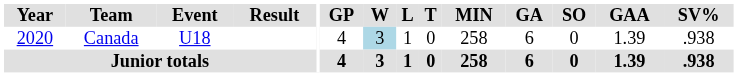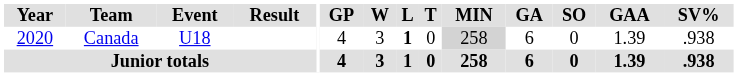 <table border="0" cellpadding="1" cellspacing="0" ID="Table3" style="text-align:center; width:40em;">
 <tr bgcolor="#e0e0e0">
 <th>Year</th>
 <th>Team</th>
 <th>Event</th>
 <th>Result</th>
 <th rowspan="99" bgcolor="#ffffff"></th>
 <th>GP</th>
 <th>W</th>
 <th>L</th>
 <th>T</th>
 <th>MIN</th>
 <th>GA</th>
 <th>SO</th>
 <th>GAA</th>
 <th>SV%</th>
 </tr>
 <tr>
 <td><a href='#'>2020</a></td>
 <td><a href='#'>Canada</a></td>
 <td><a href='#'>U18</a></td>
 <td></td>
 <td>4</td>
-<td style="background: lightblue;">3</td>
-<td>1</td>
+<td>3</td>
+<td><strong>1</strong></td>
 <td>0</td>
-<td>258</td>
+<td style="background: lightgrey;">258</td>
 <td>6</td>
 <td>0</td>
 <td>1.39</td>
 <td>.938</td>
 </tr>
 <tr bgcolor="#e0e0e0">
 <th colspan="4">Junior totals</th>
 <th>4</th>
 <th>3</th>
 <th>1</th>
 <th>0</th>
 <th>258</th>
 <th>6</th>
 <th>0</th>
 <th>1.39</th>
 <th>.938</th>
 </tr>
 </table>
